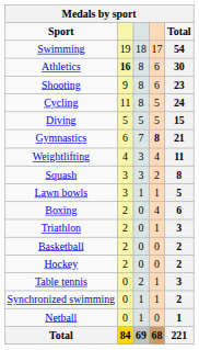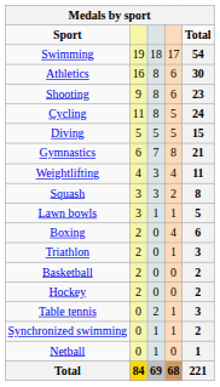 <table class="wikitable" style="font-size:95%">
 <tr style="background:#efefef">
 <th colspan=7><strong>Medals by sport</strong></th>
 </tr>
 <tr style="text-align:center">
 <td><strong>Sport</strong></td>
 <td bgcolor=#f7f6a8></td>
 <td bgcolor=#dce5e5></td>
 <td bgcolor=#ffdab9></td>
 <td><strong>Total</strong></td>
 </tr>
 <tr style="text-align:center">
 <td><a href='#'>Swimming</a></td>
 <td style="background:#F7F6A8">19</td>
 <td style="background:#DCE5E5">18</td>
 <td style="background:#FFDAB9">17</td>
 <th>54</th>
 </tr>
 <tr style="text-align:center">
 <td><a href='#'>Athletics</a></td>
-<td style="background:#F7F6A8"><strong>16</strong></td>
+<td style="background:#F7F6A8">16</td>
 <td style="background:#DCE5E5">8</td>
 <td style="background:#FFDAB9">6</td>
 <th>30</th>
 </tr>
 <tr style="text-align:center">
 <td><a href='#'>Shooting</a></td>
 <td style="background:#F7F6A8">9</td>
 <td style="background:#DCE5E5">8</td>
 <td style="background:#FFDAB9">6</td>
 <th>23</th>
 </tr>
 <tr style="text-align:center">
 <td><a href='#'>Cycling</a></td>
 <td style="background:#F7F6A8">11</td>
 <td style="background:#DCE5E5">8</td>
 <td style="background:#FFDAB9">5</td>
 <th>24</th>
 </tr>
 <tr style="text-align:center">
 <td><a href='#'>Diving</a></td>
 <td style="background:#F7F6A8">5</td>
 <td style="background:#DCE5E5">5</td>
 <td style="background:#FFDAB9">5</td>
 <th>15</th>
 </tr>
 <tr style="text-align:center">
 <td><a href='#'>Gymnastics</a></td>
 <td style="background:#F7F6A8">6</td>
 <td style="background:#DCE5E5">7</td>
-<td style="background:#FFDAB9"><strong>8</strong></td>
+<td style="background:#FFDAB9">8</td>
 <th>21</th>
 </tr>
 <tr style="text-align:center">
 <td><a href='#'>Weightlifting</a></td>
 <td style="background:#F7F6A8">4</td>
 <td style="background:#DCE5E5">3</td>
 <td style="background:#FFDAB9">4</td>
 <th>11</th>
 </tr>
 <tr style="text-align:center">
 <td><a href='#'>Squash</a></td>
 <td style="background:#F7F6A8">3</td>
 <td style="background:#DCE5E5">3</td>
 <td style="background:#FFDAB9">2</td>
 <th>8</th>
 </tr>
 <tr style="text-align:center">
 <td><a href='#'>Lawn bowls</a></td>
 <td style="background:#F7F6A8">3</td>
 <td style="background:#DCE5E5">1</td>
 <td style="background:#FFDAB9">1</td>
 <th>5</th>
 </tr>
 <tr style="text-align:center">
 <td><a href='#'>Boxing</a></td>
 <td style="background:#F7F6A8">2</td>
 <td style="background:#DCE5E5">0</td>
 <td style="background:#FFDAB9">4</td>
 <th>6</th>
 </tr>
 <tr style="text-align:center">
 <td><a href='#'>Triathlon</a></td>
 <td style="background:#F7F6A8">2</td>
 <td style="background:#DCE5E5">0</td>
 <td style="background:#FFDAB9">1</td>
 <th>3</th>
 </tr>
 <tr style="text-align:center">
 <td><a href='#'>Basketball</a></td>
 <td style="background:#F7F6A8">2</td>
 <td style="background:#DCE5E5">0</td>
 <td style="background:#FFDAB9">0</td>
 <th>2</th>
 </tr>
 <tr style="text-align:center">
 <td><a href='#'>Hockey</a></td>
 <td style="background:#F7F6A8">2</td>
 <td style="background:#DCE5E5">0</td>
 <td style="background:#FFDAB9">0</td>
 <th>2</th>
 </tr>
 <tr style="text-align:center">
 <td><a href='#'>Table tennis</a></td>
 <td style="background:#F7F6A8">0</td>
 <td style="background:#DCE5E5">2</td>
 <td style="background:#FFDAB9">1</td>
 <th>3</th>
 </tr>
 <tr style="text-align:center">
 <td><a href='#'>Synchronized swimming</a></td>
 <td style="background:#F7F6A8">0</td>
 <td style="background:#DCE5E5">1</td>
 <td style="background:#FFDAB9">1</td>
 <th>2</th>
 </tr>
 <tr style="text-align:center">
 <td><a href='#'>Netball</a></td>
 <td style="background:#F7F6A8">0</td>
 <td style="background:#DCE5E5">1</td>
 <td style="background:#FFDAB9">0</td>
 <th>1</th>
 </tr>
 <tr style="text-align:center">
 <th>Total</th>
 <th style="background:gold">84</th>
 <th style="background:silver">69</th>
 <th style="background:#c96">68</th>
 <th>221</th>
 </tr>
 </table>
